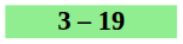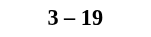 <table style="text-align:center">
 <tr>
 <th width=200></th>
 <th width=100></th>
 <th width=200></th>
 </tr>
 <tr>
 <td align=right></td>
-<td style="background: lightgreen;"><strong>3 – 19</strong></td>
+<td><strong>3 – 19</strong></td>
 <td align=left></td>
 </tr>
 </table>
